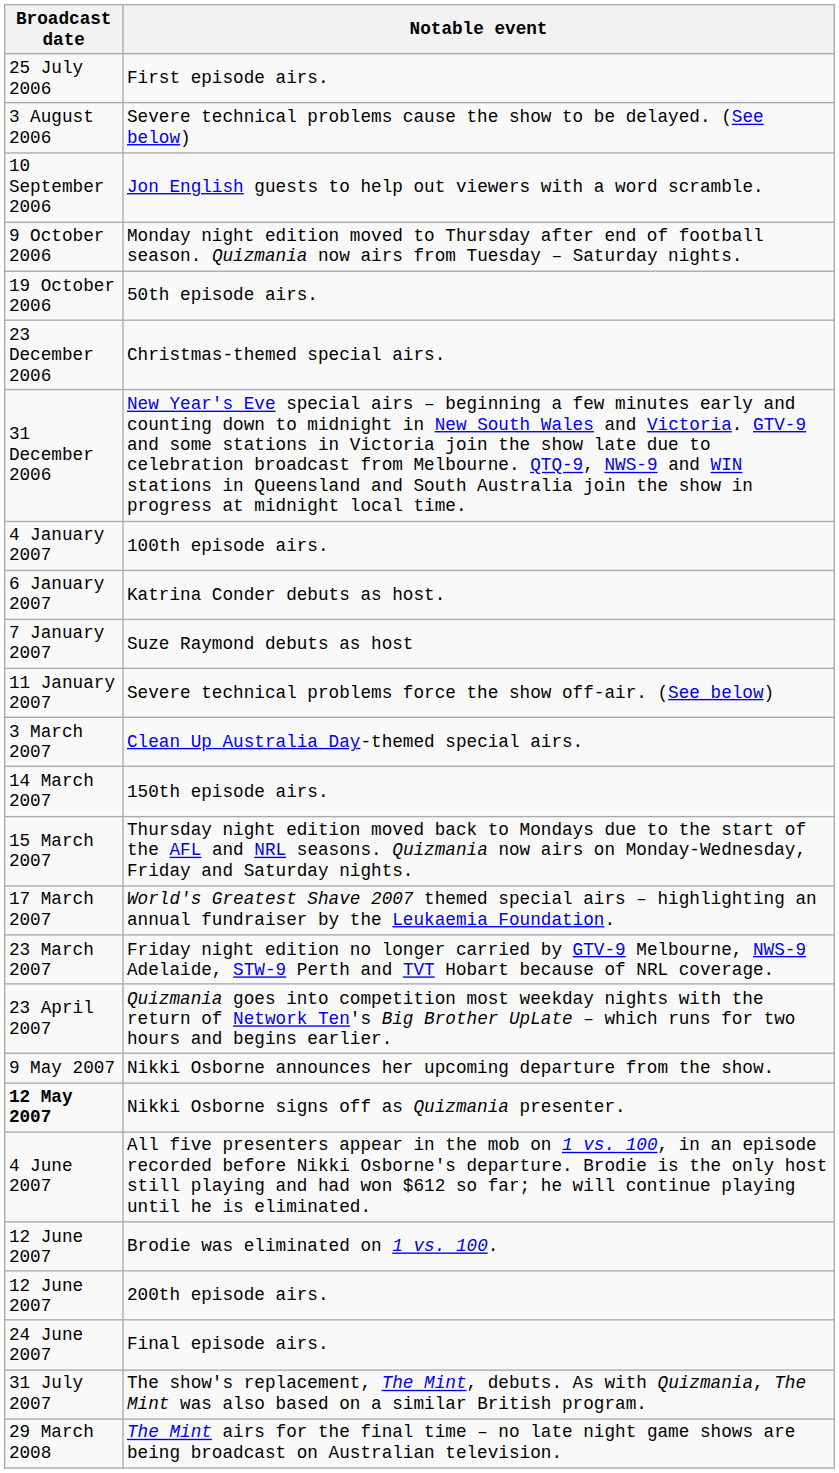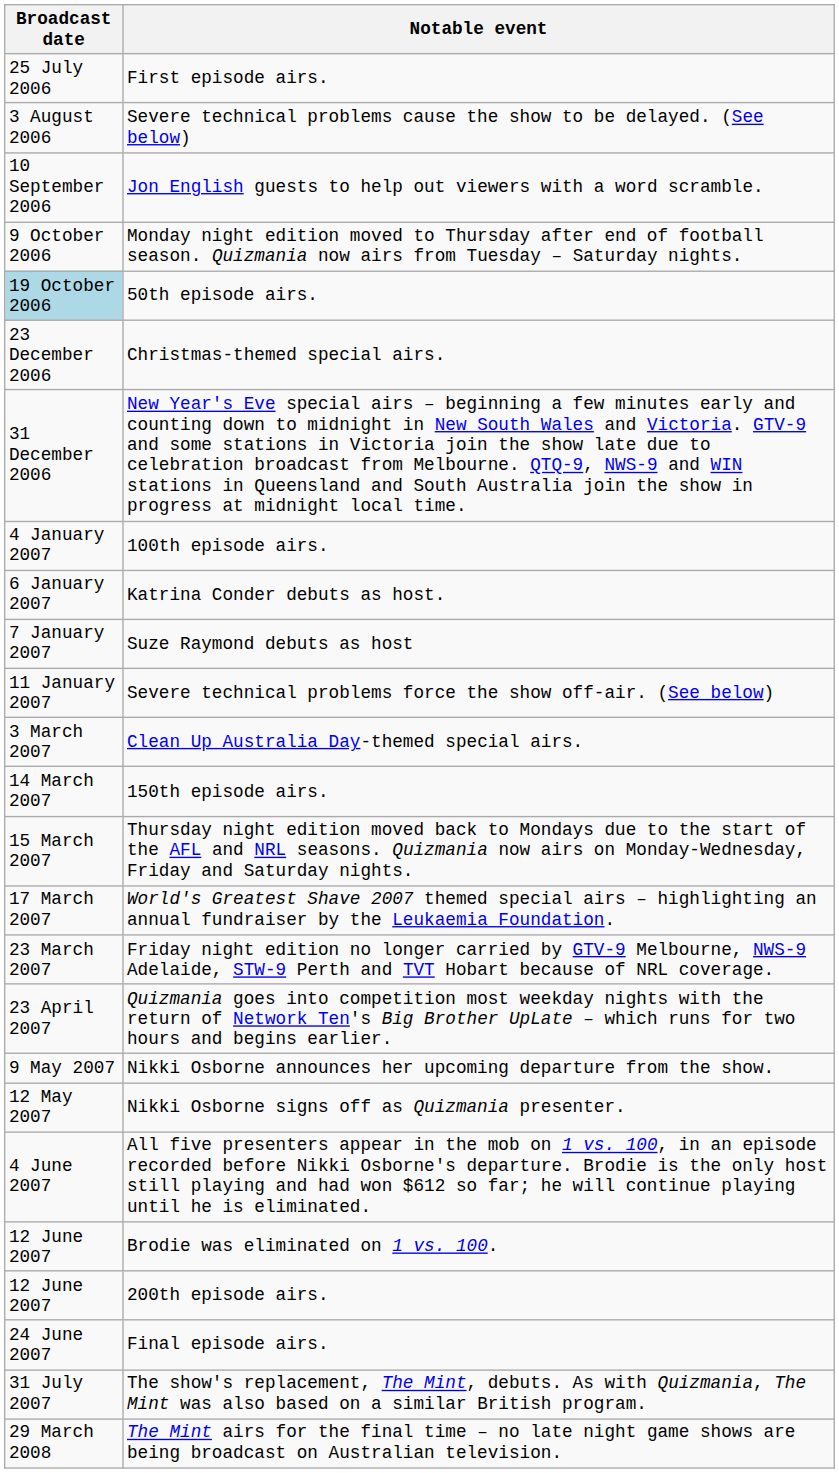 <table class="wikitable">
 <tr>
 <th>Broadcast date</th>
 <th>Notable event</th>
 </tr>
 <tr>
 <td>25 July 2006</td>
 <td>First episode airs.</td>
 </tr>
 <tr>
 <td>3 August 2006</td>
 <td>Severe technical problems cause the show to be delayed. (<a href='#'>See below</a>)</td>
 </tr>
 <tr>
 <td>10 September 2006</td>
 <td><a href='#'>Jon English</a> guests to help out viewers with a word scramble.</td>
 </tr>
 <tr>
 <td>9 October 2006</td>
 <td>Monday night edition moved to Thursday after end of football season. <em>Quizmania</em> now airs from Tuesday – Saturday nights.</td>
 </tr>
 <tr>
-<td>19 October 2006</td>
+<td style="background: lightblue;">19 October 2006</td>
 <td>50th episode airs.</td>
 </tr>
 <tr>
 <td>23 December 2006</td>
 <td>Christmas-themed special airs.</td>
 </tr>
 <tr>
 <td>31 December 2006</td>
 <td><a href='#'>New Year's Eve</a> special airs – beginning a few minutes early and counting down to midnight in <a href='#'>New South Wales</a> and <a href='#'>Victoria</a>. <a href='#'>GTV-9</a> and some stations in Victoria join the show late due to celebration broadcast from Melbourne. <a href='#'>QTQ-9</a>, <a href='#'>NWS-9</a> and <a href='#'>WIN</a> stations in Queensland and South Australia join the show in progress at midnight local time.</td>
 </tr>
 <tr>
 <td>4 January 2007</td>
 <td>100th episode airs.</td>
 </tr>
 <tr>
 <td>6 January 2007</td>
 <td>Katrina Conder debuts as host.</td>
 </tr>
 <tr>
 <td>7 January 2007</td>
 <td>Suze Raymond debuts as host</td>
 </tr>
 <tr>
 <td>11 January 2007</td>
 <td>Severe technical problems force the show off-air. (<a href='#'>See below</a>)</td>
 </tr>
 <tr>
 <td>3 March 2007</td>
 <td><a href='#'>Clean Up Australia Day</a>-themed special airs.</td>
 </tr>
 <tr>
 <td>14 March 2007</td>
 <td>150th episode airs.</td>
 </tr>
 <tr>
 <td>15 March 2007</td>
 <td>Thursday night edition moved back to Mondays due to the start of the <a href='#'>AFL</a> and <a href='#'>NRL</a> seasons. <em>Quizmania</em> now airs on Monday-Wednesday, Friday and Saturday nights.</td>
 </tr>
 <tr>
 <td>17 March 2007</td>
 <td><em>World's Greatest Shave 2007</em> themed special airs – highlighting an annual fundraiser by the <a href='#'>Leukaemia Foundation</a>.</td>
 </tr>
 <tr>
 <td>23 March 2007</td>
 <td>Friday night edition no longer carried by <a href='#'>GTV-9</a> Melbourne, <a href='#'>NWS-9</a> Adelaide, <a href='#'>STW-9</a> Perth and <a href='#'>TVT</a> Hobart because of NRL coverage.</td>
 </tr>
 <tr>
 <td>23 April 2007</td>
 <td><em>Quizmania</em> goes into competition most weekday nights with the return of <a href='#'>Network Ten</a>'s <em>Big Brother UpLate</em> – which runs for two hours and begins earlier.</td>
 </tr>
 <tr>
 <td>9 May 2007</td>
 <td>Nikki Osborne announces her upcoming departure from the show.</td>
 </tr>
 <tr>
-<td><strong>12 May 2007</strong></td>
+<td>12 May 2007</td>
 <td>Nikki Osborne signs off as <em>Quizmania</em> presenter.</td>
 </tr>
 <tr>
 <td>4 June 2007</td>
 <td>All five presenters appear in the mob on <em><a href='#'>1 vs. 100</a></em>, in an episode recorded before Nikki Osborne's departure. Brodie is the only host still playing and had won $612 so far; he will continue playing until he is eliminated.</td>
 </tr>
 <tr>
 <td>12 June 2007</td>
 <td>Brodie was eliminated on <em><a href='#'>1 vs. 100</a></em>.</td>
 </tr>
 <tr>
 <td>12 June 2007</td>
 <td>200th episode airs.</td>
 </tr>
 <tr>
 <td>24 June 2007</td>
 <td>Final episode airs.</td>
 </tr>
 <tr>
 <td>31 July 2007</td>
 <td>The show's replacement, <em><a href='#'>The Mint</a></em>, debuts. As with <em>Quizmania</em>, <em>The Mint</em> was also based on a similar British program.</td>
 </tr>
 <tr>
 <td>29 March 2008</td>
 <td><em><a href='#'>The Mint</a></em> airs for the final time – no late night game shows are being broadcast on Australian television.</td>
 </tr>
 </table>
